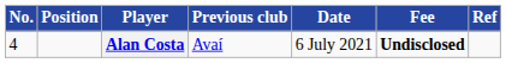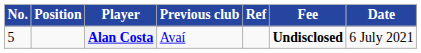 <table class="wikitable plainrowheaders" style="text-align:center; text-align:left">
 <tr>
 <th style="background:#2545A0; color:#FFFFFF; ">No.</th>
 <th scope="col" style="background:#2545A0; color:#FFFFFF; ">Position</th>
 <th scope="col" style="background:#2545A0; color:#FFFFFF; ">Player</th>
 <th scope="col" style="background:#2545A0; color:#FFFFFF; ">Previous club</th>
+<th scope="col" style="background:#2545A0; color:#FFFFFF; ">Ref</th>
+<th scope="col" style="background:#2545A0; color:#FFFFFF; ">Fee</th>
 <th scope="col" style="background:#2545A0; color:#FFFFFF; ">Date</th>
-<th scope="col" style="background:#2545A0; color:#FFFFFF; ">Fee</th>
-<th scope="col" style="background:#2545A0; color:#FFFFFF; ">Ref</th>
 </tr>
 <tr>
-<td>4</td>
+<td>5</td>
 <td></td>
 <th scope="row"> <a href='#'>Alan Costa</a></th>
 <td> <a href='#'>Avaí</a></td>
+<td></td>
+<td><strong>Undisclosed</strong></td>
 <td>6 July 2021</td>
-<td><strong>Undisclosed</strong></td>
-<td></td>
 </tr>
 </table>
